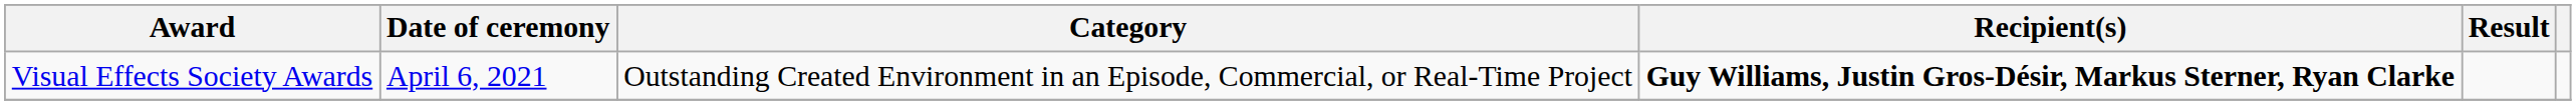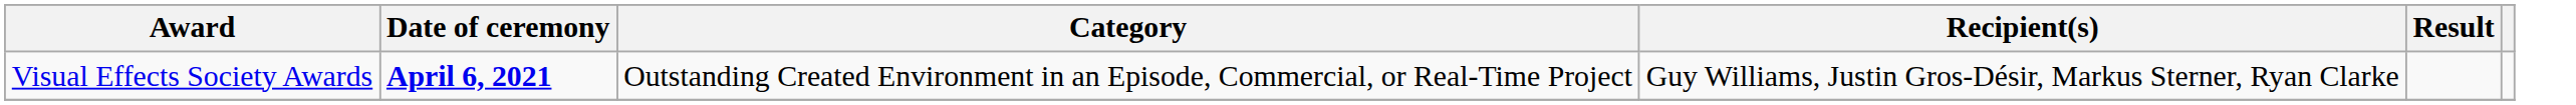 <table class="wikitable sortable plainrowheaders">
 <tr>
 <th scope="col">Award</th>
 <th scope="col">Date of ceremony</th>
 <th scope="col">Category</th>
 <th scope="col">Recipient(s)</th>
 <th scope="col">Result</th>
 <th scope="col" class="unsortable"></th>
 </tr>
 <tr>
 <td><a href='#'>Visual Effects Society Awards</a></td>
-<td><a href='#'>April 6, 2021</a></td>
+<td><strong><a href='#'>April 6, 2021</a></strong></td>
 <td>Outstanding Created Environment in an Episode, Commercial, or Real-Time Project</td>
-<td><strong>Guy Williams, Justin Gros-Désir, Markus Sterner, Ryan Clarke </strong></td>
+<td>Guy Williams, Justin Gros-Désir, Markus Sterner, Ryan Clarke </td>
 <td></td>
 <td></td>
 </tr>
 <tr>
 </tr>
 </table>
